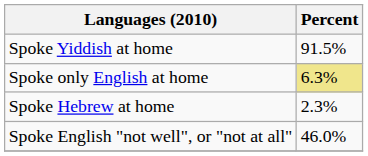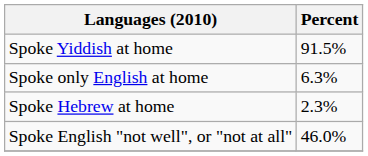 <table class="wikitable sortable collapsible" style="font-size: 90%;">
 <tr>
 <th>Languages (2010) </th>
 <th>Percent</th>
 </tr>
 <tr>
 <td>Spoke <a href='#'>Yiddish</a> at home</td>
 <td>91.5%</td>
 </tr>
 <tr>
 <td>Spoke only <a href='#'>English</a> at home</td>
-<td style="background: khaki;">6.3%</td>
+<td>6.3%</td>
 </tr>
 <tr>
 <td>Spoke <a href='#'>Hebrew</a> at home</td>
 <td>2.3%</td>
 </tr>
 <tr>
 <td>Spoke English "not well", or "not at all"</td>
 <td>46.0%</td>
 </tr>
 <tr>
 </tr>
 </table>
